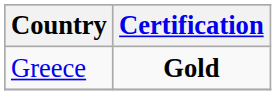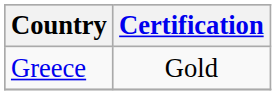 <table class="wikitable">
 <tr>
 <th scope="col">Country</th>
 <th scope="col"><a href='#'>Certification</a></th>
 </tr>
 <tr>
 <td><a href='#'>Greece</a></td>
-<td style="text-align:center;"><strong>Gold</strong></td>
+<td style="text-align:center;">Gold</td>
 </tr>
 <tr>
 </tr>
 </table>
